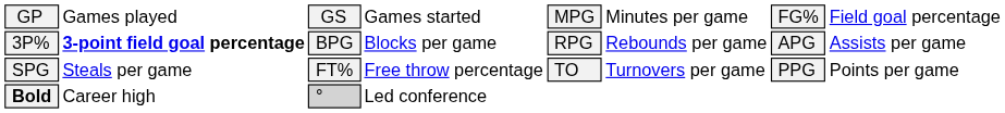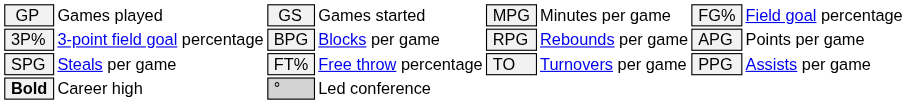 <table class="toccolours" style="font-size: 92%; white-space: nowrap;">
 <tr>
 <td style="background-color: #F2F2F2; border: 1px solid black;">  GP</td>
 <td>Games played</td>
 <td style="background-color: #F2F2F2; border: 1px solid black">  GS </td>
 <td>Games started</td>
 <td style="background-color: #F2F2F2; border: 1px solid black"> MPG </td>
 <td>Minutes per game</td>
 <td style="background-color: #F2F2F2; border: 1px solid black;"> FG% </td>
 <td><a href='#'>Field goal</a> percentage</td>
 </tr>
 <tr>
 <td style="background-color: #F2F2F2; border: 1px solid black"> 3P% </td>
-<td><strong><a href='#'>3-point field goal</a> percentage</strong></td>
+<td><a href='#'>3-point field goal</a> percentage</td>
 <td style="background-color: #F2F2F2; border: 1px solid black;"> BPG </td>
 <td><a href='#'>Blocks</a> per game</td>
 <td style="background-color: #F2F2F2; border: 1px solid black;"> RPG </td>
 <td><a href='#'>Rebounds</a> per game</td>
 <td style="background-color: #F2F2F2; border: 1px solid black"> APG </td>
-<td><a href='#'>Assists</a> per game</td>
+<td>Points per game</td>
 </tr>
 <tr>
 <td style="background-color: #F2F2F2; border: 1px solid black"> SPG </td>
 <td><a href='#'>Steals</a> per game</td>
 <td style="background-color: #F2F2F2; border: 1px solid black"> FT% </td>
 <td><a href='#'>Free throw</a> percentage</td>
 <td style="background-color: #F2F2F2; border: 1px solid black"> TO </td>
 <td><a href='#'>Turnovers</a> per game</td>
 <td style="background-color: #F2F2F2; border: 1px solid black"> PPG </td>
-<td>Points per game</td>
+<td><a href='#'>Assists</a> per game</td>
 </tr>
 <tr>
 <td style="background-color: #F2F2F2; border: 1px solid black"> <strong>Bold</strong> </td>
 <td>Career high</td>
 <td style="background-color: #D3D3D3; border: 1px solid black"> ° </td>
 <td>Led conference</td>
 </tr>
 </table>
